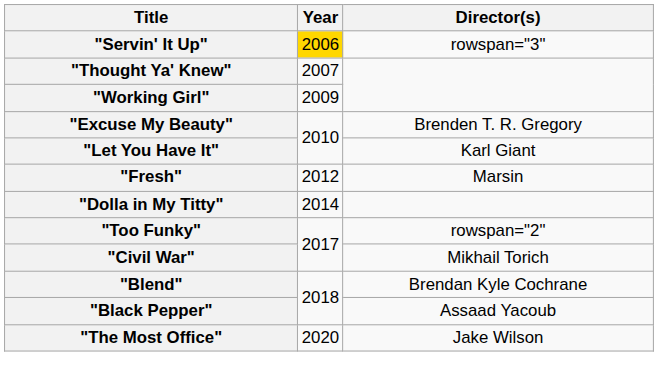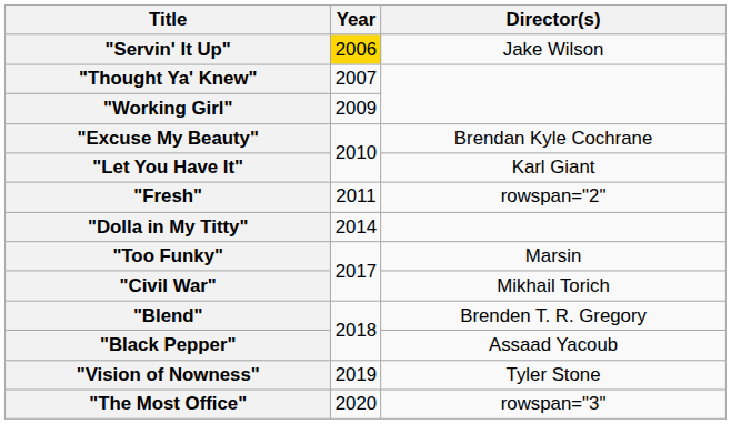 <table class="wikitable plainrowheaders" style="text-align:center;">
 <tr>
 <th scope="col" style="width:17em;">Title</th>
 <th scope="col">Year</th>
 <th scope="col" style="width:18em;">Director(s)</th>
 </tr>
 <tr>
 <th scope="row">"Servin' It Up"<br></th>
 <td style="background: gold;">2006</td>
-<td>rowspan="3" </td>
+<td>Jake Wilson</td>
 </tr>
 <tr>
 <th scope="row">"Thought Ya' Knew"</th>
 <td>2007</td>
 </tr>
 <tr>
 <th scope="row">"Working Girl"</th>
 <td>2009</td>
 </tr>
 <tr>
 <th scope="row">"Excuse My Beauty"</th>
 <td rowspan="2">2010</td>
-<td>Brenden T. R. Gregory</td>
+<td>Brendan Kyle Cochrane</td>
 </tr>
 <tr>
 <th scope="row">"Let You Have It"</th>
 <td>Karl Giant</td>
 </tr>
 <tr>
 <th scope="row">"Fresh"<br></th>
-<td>2012</td>
-<td>Marsin</td>
+<td>2011</td>
+<td>rowspan="2" </td>
 </tr>
 <tr>
 <th scope="row">"Dolla in My Titty"</th>
 <td>2014</td>
 </tr>
 <tr>
 <th scope="row">"Too Funky"<br></th>
 <td rowspan="2">2017</td>
-<td>rowspan="2" </td>
+<td>Marsin</td>
 </tr>
 <tr>
 <th scope="row">"Civil War"</th>
 <td>Mikhail Torich</td>
 </tr>
 <tr>
 <th scope="row">"Blend"<br></th>
 <td rowspan="2">2018</td>
-<td>Brendan Kyle Cochrane</td>
+<td>Brenden T. R. Gregory</td>
 </tr>
 <tr>
 <th scope="row">"Black Pepper"</th>
 <td>Assaad Yacoub</td>
 </tr>
 <tr>
+<th scope="row">"Vision of Nowness"</th>
+<td>2019</td>
+<td>Tyler Stone</td>
+</tr>
+<tr>
 <th scope="row">"The Most Office"</th>
 <td>2020</td>
-<td>Jake Wilson</td>
+<td>rowspan="3" </td>
 </tr>
 </table>
